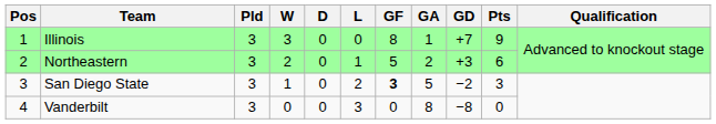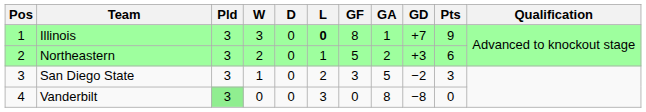 <table class="wikitable" style="text-align:center; margin: 1em auto">
 <tr>
 <th style="width:2em">Pos</th>
 <th style="width:13em">Team</th>
 <th style="width:2em">Pld</th>
 <th style="width:2em">W</th>
 <th style="width:2em">D</th>
 <th style="width:2em">L</th>
 <th style="width:2em">GF</th>
 <th style="width:2em">GA</th>
 <th style="width:2em">GD</th>
 <th style="width:2em">Pts</th>
 <th style="width:13em">Qualification</th>
 </tr>
 <tr bgcolor="#9eff9e">
 <td>1</td>
 <td style="text-align:left">Illinois</td>
 <td>3</td>
 <td>3</td>
 <td>0</td>
-<td>0</td>
+<td><strong>0</strong></td>
 <td>8</td>
 <td>1</td>
 <td>+7</td>
 <td>9</td>
 <td rowspan="2">Advanced to knockout stage</td>
 </tr>
 <tr bgcolor="#9eff9e">
 <td>2</td>
 <td style="text-align:left">Northeastern</td>
 <td>3</td>
 <td>2</td>
 <td>0</td>
 <td>1</td>
 <td>5</td>
 <td>2</td>
 <td>+3</td>
 <td>6</td>
 </tr>
 <tr>
 <td>3</td>
 <td style="text-align:left">San Diego State</td>
 <td>3</td>
 <td>1</td>
 <td>0</td>
 <td>2</td>
-<td><strong>3</strong></td>
+<td>3</td>
 <td>5</td>
 <td>−2</td>
 <td>3</td>
 </tr>
 <tr>
 <td>4</td>
 <td style="text-align:left">Vanderbilt</td>
-<td>3</td>
+<td style="background: lightgreen;">3</td>
 <td>0</td>
 <td>0</td>
 <td>3</td>
 <td>0</td>
 <td>8</td>
 <td>−8</td>
 <td>0</td>
 </tr>
 </table>
